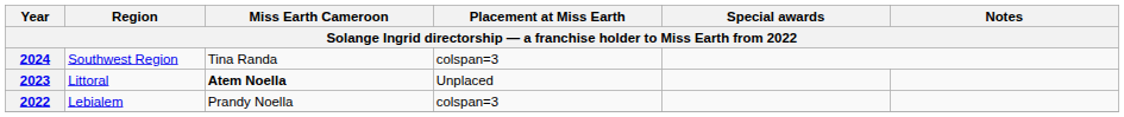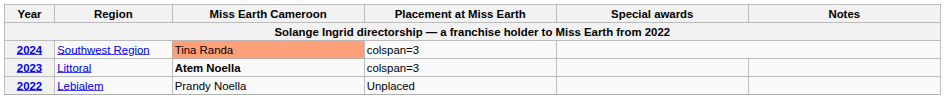 <table class="wikitable " style="font-size: 95%;">
 <tr>
 <th width="60">Year</th>
 <th width="150">Region</th>
 <th width="250">Miss Earth Cameroon</th>
 <th width="250">Placement at Miss Earth</th>
 <th width="250">Special awards</th>
 <th width="250">Notes</th>
 </tr>
 <tr>
 <th colspan="6">Solange Ingrid directorship — a franchise holder to Miss Earth from 2022</th>
 </tr>
 <tr>
 <th><a href='#'>2024</a></th>
 <td><a href='#'>Southwest Region</a></td>
-<td>Tina Randa</td>
+<td style="background: lightsalmon;">Tina Randa</td>
 <td>colspan=3 </td>
 </tr>
 <tr>
 <th><a href='#'>2023</a></th>
 <td><a href='#'>Littoral</a></td>
 <td><strong>Atem Noella</strong></td>
-<td>Unplaced</td>
+<td>colspan=3 </td>
 <td></td>
 <td></td>
 </tr>
 <tr>
 <th><a href='#'>2022</a></th>
 <td><a href='#'>Lebialem</a></td>
 <td>Prandy Noella</td>
-<td>colspan=3 </td>
+<td>Unplaced</td>
 <td></td>
 <td></td>
 </tr>
 <tr>
 </tr>
 </table>
